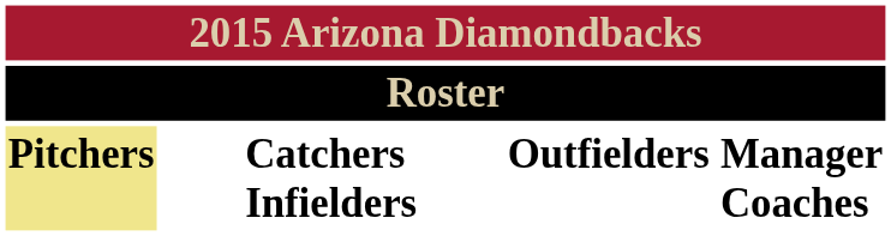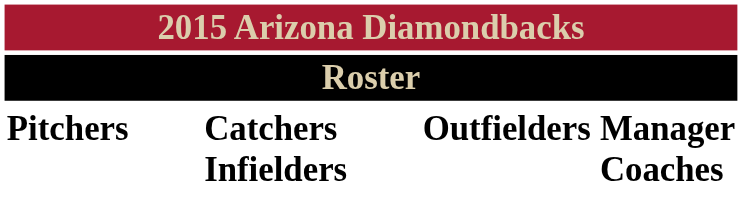 <table class="toccolours" style="font-size: 95%;">
 <tr>
 <th colspan="10" style="background-color: #A71930; color: #DBCEAC; text-align: center;">2015 Arizona Diamondbacks</th>
 </tr>
 <tr>
 <td colspan="10" style="background-color: black; color: #DBCEAC; text-align: center;"><strong>Roster</strong></td>
 </tr>
 <tr>
-<td valign="top" style="background: khaki;"><strong>Pitchers</strong><br>                          </td>
+<td valign="top"><strong>Pitchers</strong><br>                          </td>
 <td width="25px"></td>
 <td valign="top"><strong>Catchers</strong><br>      <strong>Infielders</strong>        </td>
 <td width="25px"></td>
 <td valign="top"><strong>Outfielders</strong><br>        </td>
 <td valign="top"><strong>Manager</strong><br> <strong>Coaches</strong>                    </td>
 </tr>
 <tr>
 </tr>
 </table>
